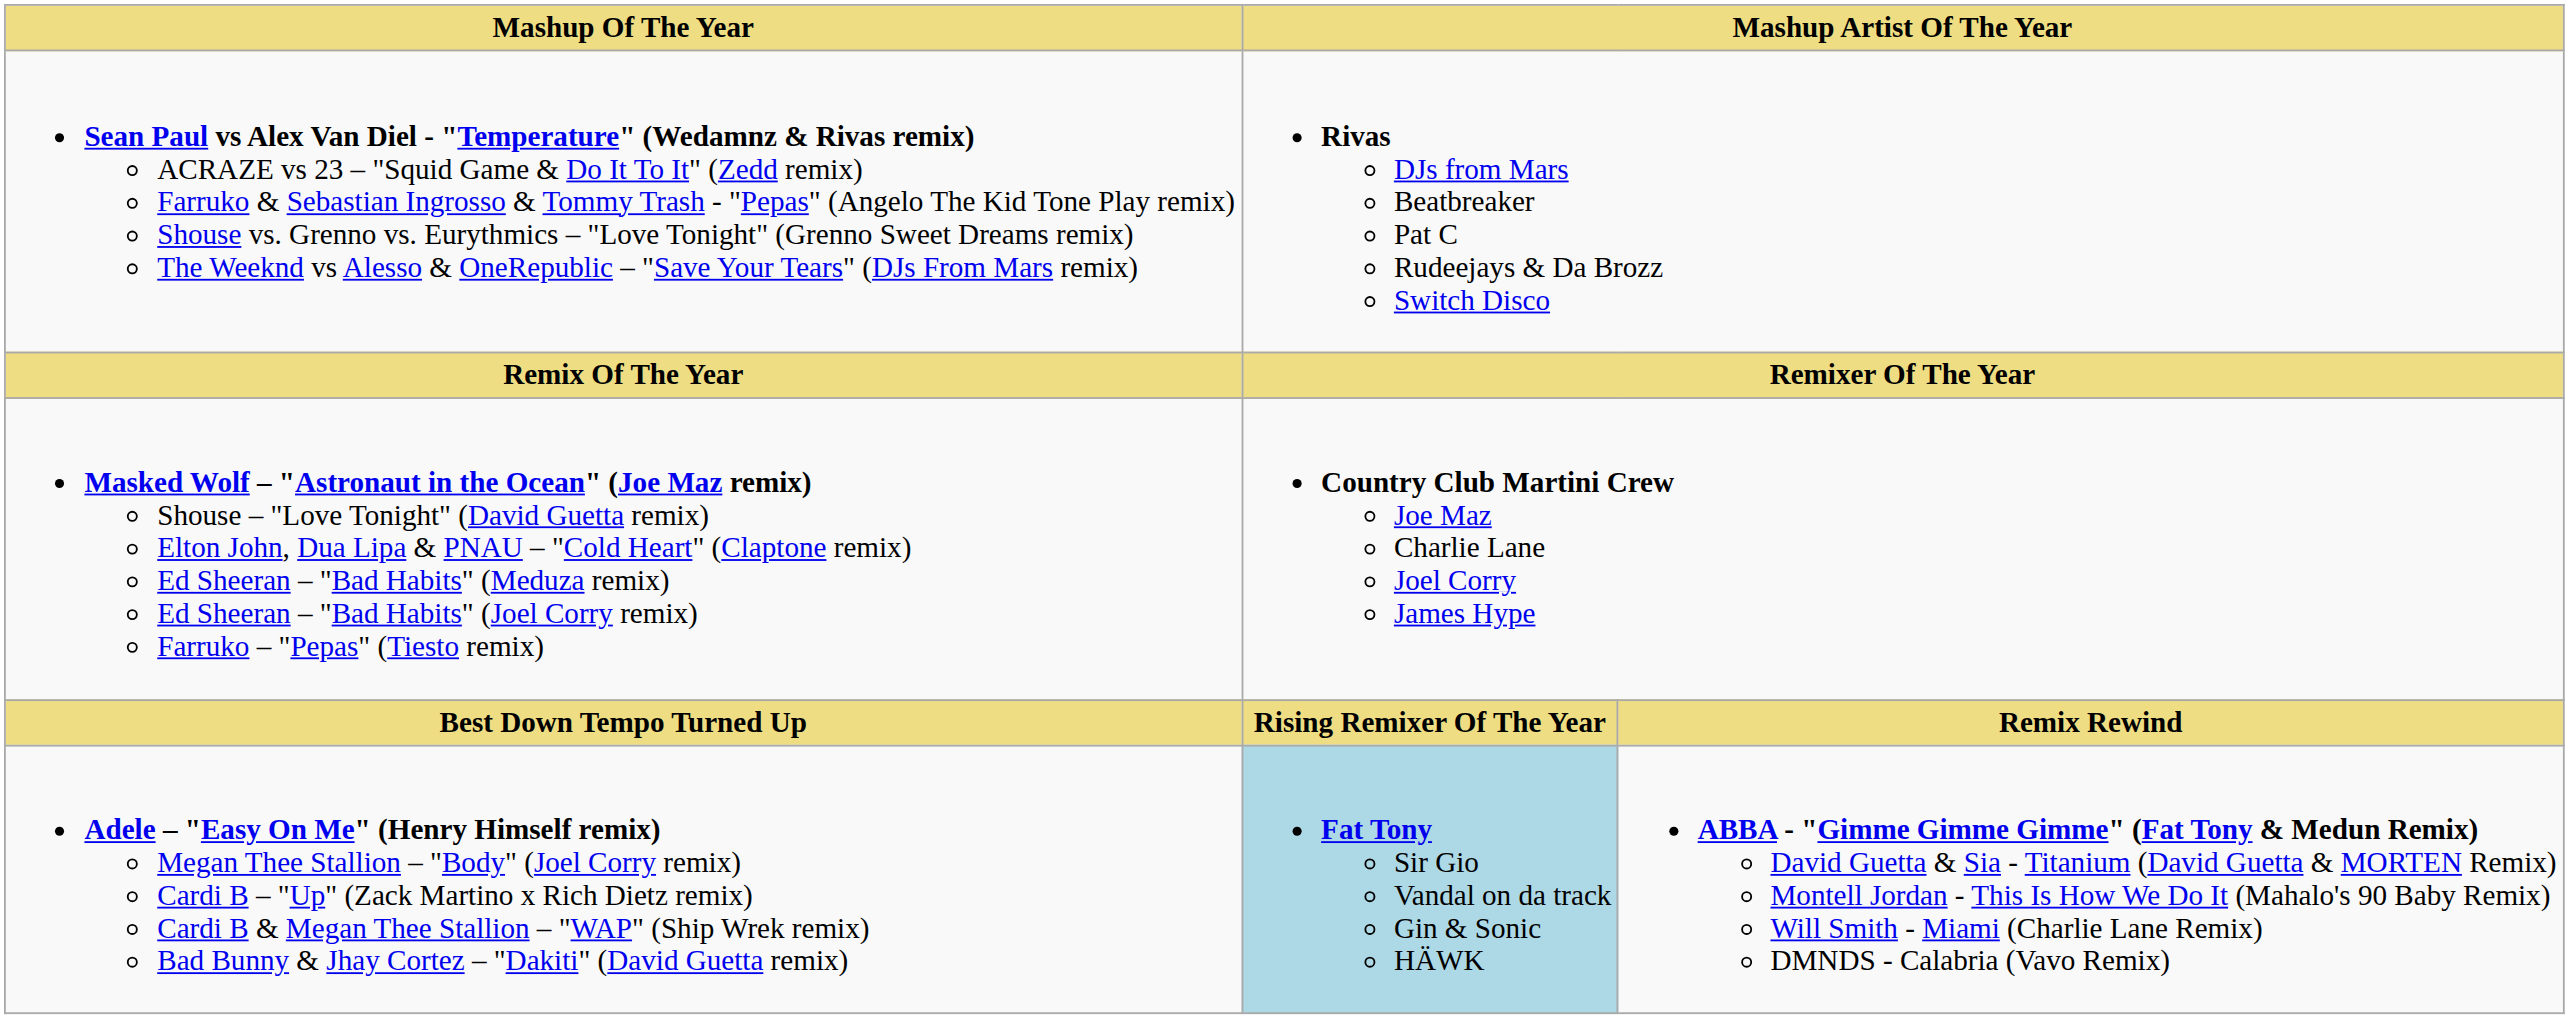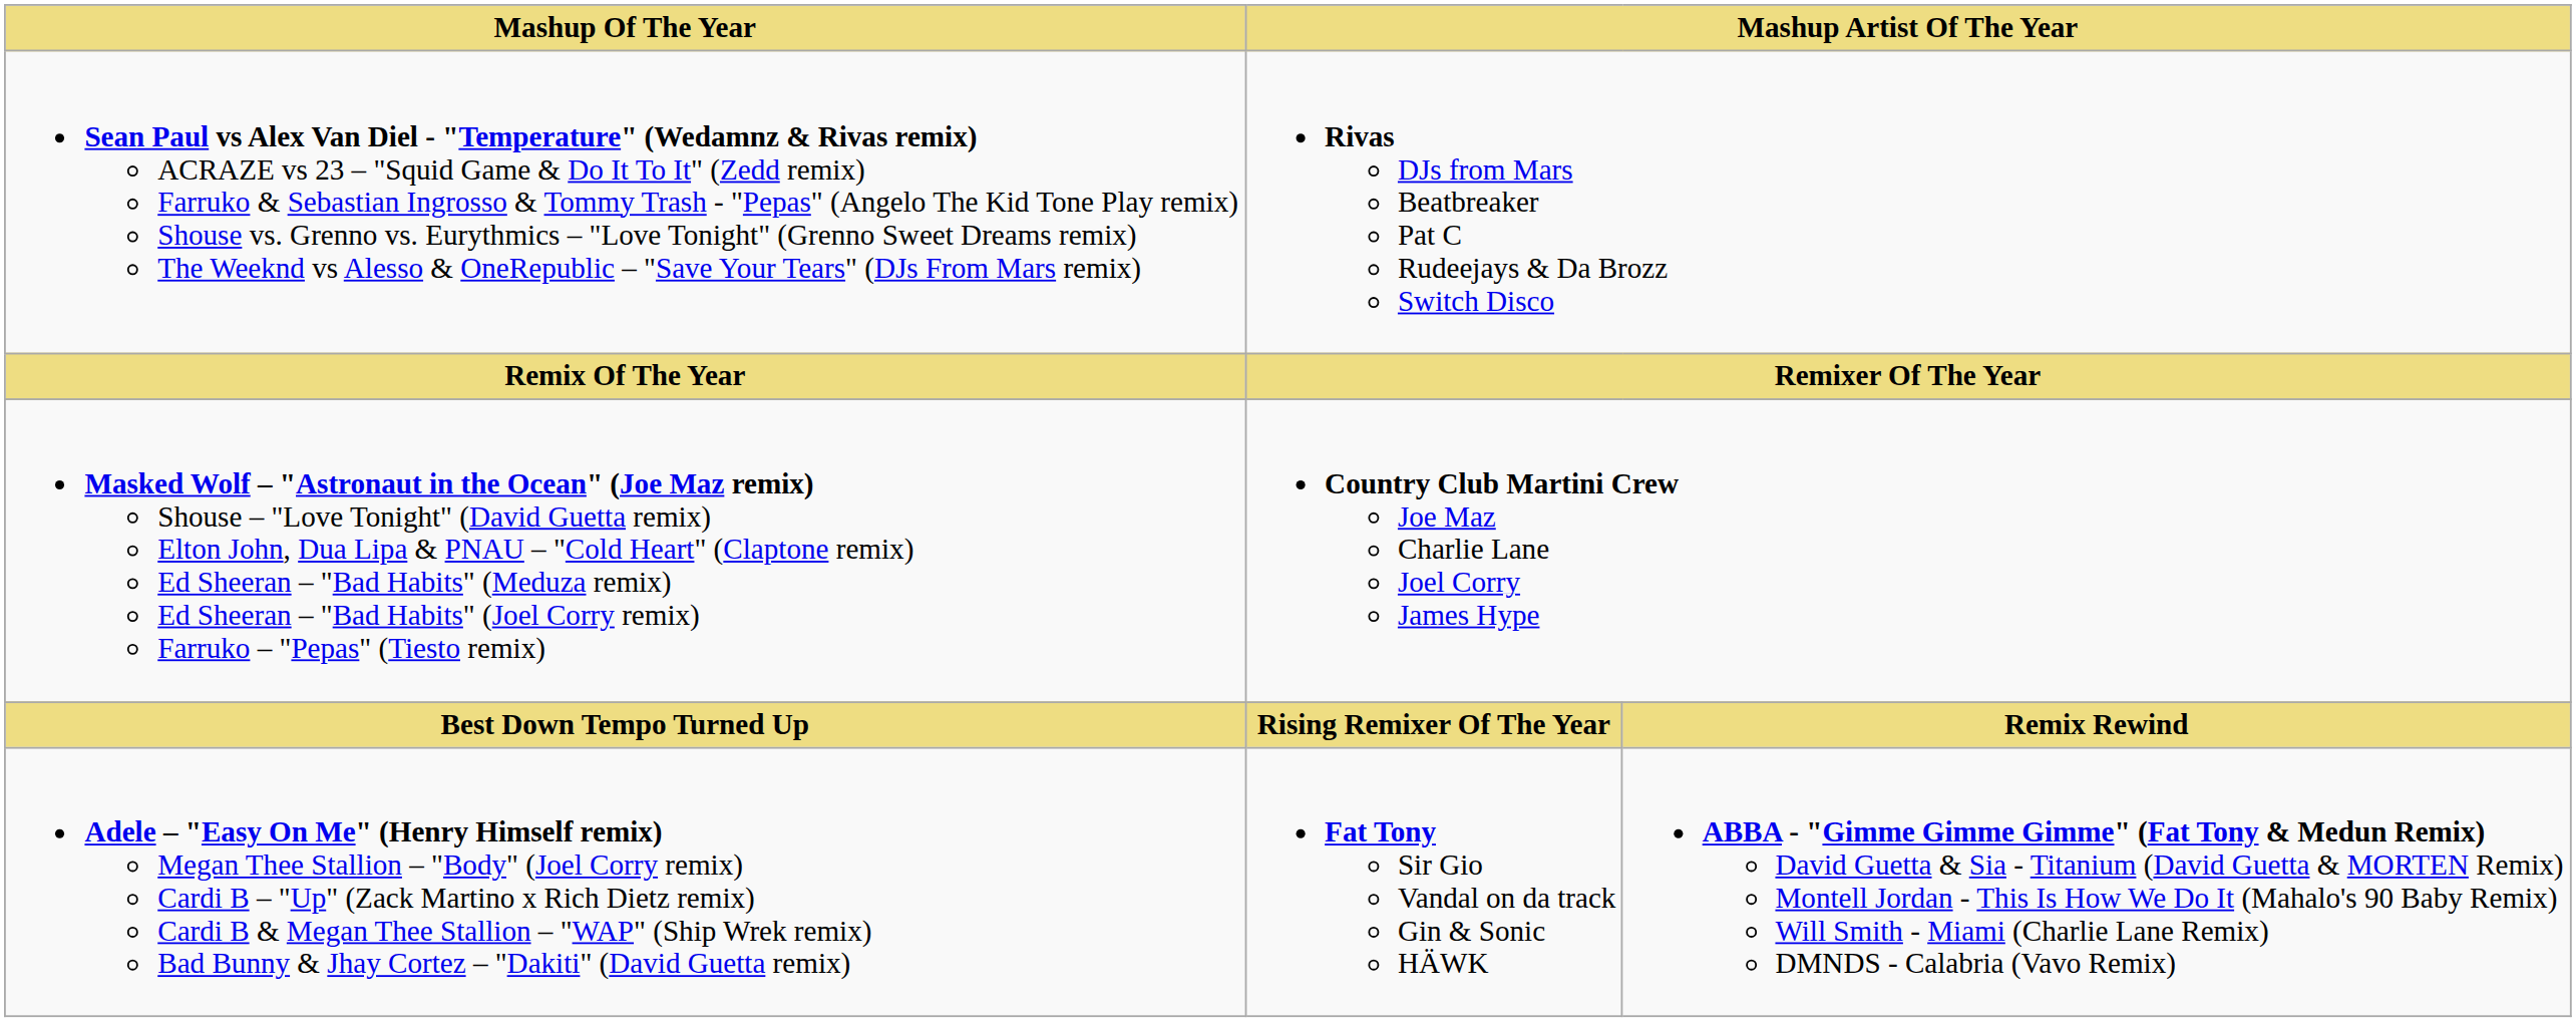 <table class="wikitable">
 <tr>
 <th style="background:#EEDD82; width=50%"><strong>Mashup Of The Year</strong></th>
 <th colspan="2" style="background:#EEDD82; width=50%"><strong>Mashup Artist Of The Year</strong></th>
 </tr>
 <tr>
 <td valign="top"><br><ul><li><strong><a href='#'>Sean Paul</a> vs Alex Van Diel - "<a href='#'>Temperature</a>" (Wedamnz & Rivas remix)</strong><ul><li>ACRAZE vs 23 – "Squid Game & <a href='#'>Do It To It</a>" (<a href='#'>Zedd</a> remix)</li><li><a href='#'>Farruko</a> & <a href='#'>Sebastian Ingrosso</a> & <a href='#'>Tommy Trash</a> - "<a href='#'>Pepas</a>" (Angelo The Kid Tone Play remix)</li><li><a href='#'>Shouse</a> vs. Grenno vs. Eurythmics – "Love Tonight" (Grenno Sweet Dreams remix)</li><li><a href='#'>The Weeknd</a> vs <a href='#'>Alesso</a> & <a href='#'>OneRepublic</a> – "<a href='#'>Save Your Tears</a>" (<a href='#'>DJs From Mars</a> remix)</li></ul></li></ul></td>
 <td colspan="2" valign="top"><br><ul><li><strong>Rivas</strong><ul><li><a href='#'>DJs from Mars</a></li><li>Beatbreaker</li><li>Pat C</li><li>Rudeejays & Da Brozz</li><li><a href='#'>Switch Disco</a></li></ul></li></ul></td>
 </tr>
 <tr>
 <th style="background:#EEDD82; width=50%"><strong>Remix Of The Year</strong></th>
 <th colspan="2" style="background:#EEDD82; width=50%"><strong>Remixer Of The Year</strong></th>
 </tr>
 <tr>
 <td valign="top"><br><ul><li><strong><a href='#'>Masked Wolf</a> – "<a href='#'>Astronaut in the Ocean</a>" (<a href='#'>Joe Maz</a> remix)</strong><ul><li>Shouse – "Love Tonight" (<a href='#'>David Guetta</a> remix)</li><li><a href='#'>Elton John</a>, <a href='#'>Dua Lipa</a> & <a href='#'>PNAU</a> – "<a href='#'>Cold Heart</a>" (<a href='#'>Claptone</a> remix)</li><li><a href='#'>Ed Sheeran</a> – "<a href='#'>Bad Habits</a>" (<a href='#'>Meduza</a> remix)</li><li><a href='#'>Ed Sheeran</a> – "<a href='#'>Bad Habits</a>" (<a href='#'>Joel Corry</a> remix)</li><li><a href='#'>Farruko</a> – "<a href='#'>Pepas</a>" (<a href='#'>Tiesto</a> remix)</li></ul></li></ul></td>
 <td colspan="2" valign="top"><br><ul><li><strong>Country Club Martini Crew</strong><ul><li><a href='#'>Joe Maz</a></li><li>Charlie Lane</li><li><a href='#'>Joel Corry</a></li><li><a href='#'>James Hype</a></li></ul></li></ul></td>
 </tr>
 <tr>
 <th style="background:#EEDD82; width=50%">Best Down Tempo Turned Up</th>
 <th style="background:#EEDD82; width=50%"><strong>Rising Remixer Of The Year</strong></th>
 <th style="background:#EEDD82; width=50%">Remix Rewind</th>
 </tr>
 <tr>
 <td valign="top"><br><ul><li><strong><a href='#'>Adele</a> – "<a href='#'>Easy On Me</a>" (Henry Himself remix)</strong><ul><li><a href='#'>Megan Thee Stallion</a> – "<a href='#'>Body</a>" (<a href='#'>Joel Corry</a> remix)</li><li><a href='#'>Cardi B</a> – "<a href='#'>Up</a>" (Zack Martino x Rich Dietz remix)</li><li><a href='#'>Cardi B</a> & <a href='#'>Megan Thee Stallion</a> – "<a href='#'>WAP</a>" (Ship Wrek remix)</li><li><a href='#'>Bad Bunny</a> & <a href='#'>Jhay Cortez</a> – "<a href='#'>Dakiti</a>" (<a href='#'>David Guetta</a> remix)</li></ul></li></ul></td>
-<td valign="top" style="background: lightblue;"><br><ul><li><a href='#'><strong>Fat Tony</strong></a><ul><li>Sir Gio</li><li>Vandal on da track</li><li>Gin & Sonic</li><li>HÄWK</li></ul></li></ul></td>
+<td valign="top"><br><ul><li><a href='#'><strong>Fat Tony</strong></a><ul><li>Sir Gio</li><li>Vandal on da track</li><li>Gin & Sonic</li><li>HÄWK</li></ul></li></ul></td>
 <td><br><ul><li><strong><a href='#'>ABBA</a> - "<a href='#'>Gimme Gimme Gimme</a>" (<a href='#'>Fat Tony</a> & Medun Remix)</strong><ul><li><a href='#'>David Guetta</a> & <a href='#'>Sia</a> - <a href='#'>Titanium</a> (<a href='#'>David Guetta</a> & <a href='#'>MORTEN</a> Remix)</li><li><a href='#'>Montell Jordan</a> - <a href='#'>This Is How We Do It</a> (Mahalo's 90 Baby Remix)</li><li><a href='#'>Will Smith</a> - <a href='#'>Miami</a> (Charlie Lane Remix)</li><li>DMNDS - Calabria (Vavo Remix)</li></ul></li></ul></td>
 </tr>
 </table>
